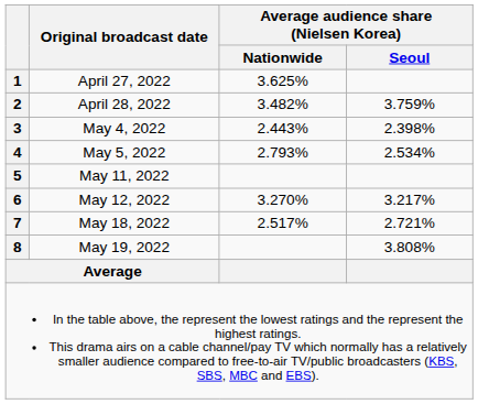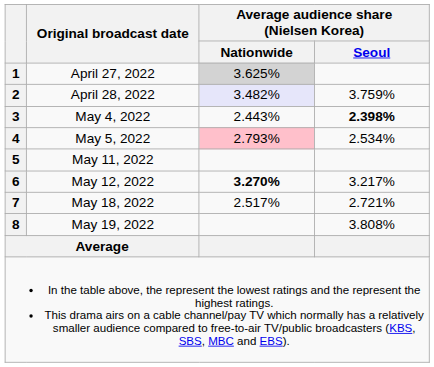 <table class="wikitable" style="margin-left:auto; margin-right:auto; width:500px; text-align:center">
 <tr>
 <th scope="col" rowspan="2"></th>
 <th scope="col" rowspan="2">Original broadcast date</th>
 <th scope="col" colspan="2">Average audience share<br>(Nielsen Korea)</th>
 </tr>
 <tr>
 <th scope="col" style="width:8em">Nationwide</th>
 <th scope="col" style="width:8em"><a href='#'>Seoul</a></th>
 </tr>
 <tr>
 <th scope="col">1</th>
 <td>April 27, 2022</td>
-<td>3.625% </td>
+<td style="background: lightgrey;">3.625% </td>
 <td><strong></strong> </td>
 </tr>
 <tr>
 <th scope="col">2</th>
 <td>April 28, 2022</td>
-<td>3.482% </td>
+<td style="background: lavender;">3.482% </td>
 <td>3.759% </td>
 </tr>
 <tr>
 <th scope="col">3</th>
 <td>May 4, 2022</td>
 <td>2.443% </td>
-<td>2.398% </td>
+<td><strong>2.398% </strong></td>
 </tr>
 <tr>
 <th scope="col">4</th>
 <td>May 5, 2022</td>
-<td>2.793% </td>
+<td style="background: pink;">2.793% </td>
 <td>2.534% </td>
 </tr>
 <tr>
 <th scope="col">5</th>
 <td>May 11, 2022</td>
 <td><strong></strong> </td>
 <td><strong></strong> </td>
 </tr>
 <tr>
 <th scope="col">6</th>
 <td>May 12, 2022</td>
-<td>3.270% </td>
+<td><strong>3.270% </strong></td>
 <td>3.217% </td>
 </tr>
 <tr>
 <th scope="col">7</th>
 <td>May 18, 2022</td>
 <td>2.517% </td>
 <td>2.721% </td>
 </tr>
 <tr>
 <th scope="col">8</th>
 <td>May 19, 2022</td>
 <td><strong></strong> </td>
 <td>3.808% </td>
 </tr>
 <tr>
 <th scope="col" colspan="2">Average</th>
 <th scope="col"></th>
 <th scope="col"></th>
 </tr>
 <tr>
 <td colspan="4" style="font-size:85%"><br><ul><li>In the table above, the <strong></strong> represent the lowest ratings and the <strong></strong> represent the highest ratings.</li><li>This drama airs on a cable channel/pay TV which normally has a relatively smaller audience compared to free-to-air TV/public broadcasters (<a href='#'>KBS</a>, <a href='#'>SBS</a>, <a href='#'>MBC</a> and <a href='#'>EBS</a>).</li></ul></td>
 </tr>
 </table>
